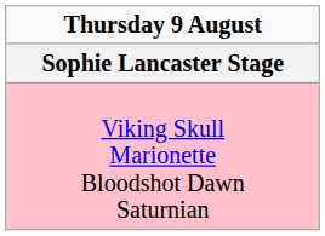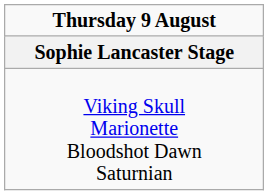 <table class="wikitable">
 <tr>
 <td colspan="1" align="center"><strong>Thursday 9 August</strong></td>
 </tr>
 <tr>
 <th>Sophie Lancaster Stage</th>
 </tr>
 <tr>
-<td valign="top" align="center" width=200 style="background: pink;"><br><a href='#'>Viking Skull</a><br> <a href='#'>Marionette</a><br> Bloodshot Dawn<br> Saturnian<br></td>
+<td valign="top" align="center" width=200><br><a href='#'>Viking Skull</a><br> <a href='#'>Marionette</a><br> Bloodshot Dawn<br> Saturnian<br></td>
 </tr>
 </table>
